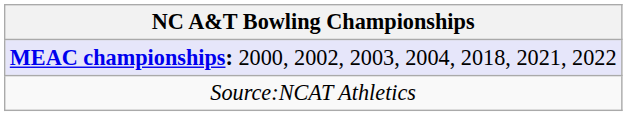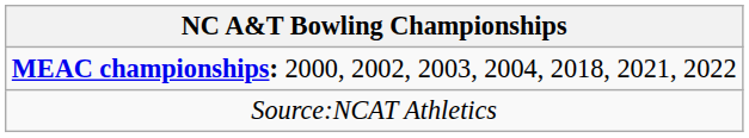 <table class="wikitable">
 <tr>
 <th>NC A&T Bowling Championships</th>
 </tr>
 <tr style="text-align:center;">
-<td style="background: lavender;"><strong><a href='#'>MEAC championships</a>: </strong>2000, 2002, 2003, 2004, 2018, 2021, 2022 <br></td>
+<td><strong><a href='#'>MEAC championships</a>: </strong>2000, 2002, 2003, 2004, 2018, 2021, 2022 <br></td>
 </tr>
 <tr style="text-align:center;">
 <td><em>Source:NCAT Athletics</em></td>
 </tr>
 </table>
